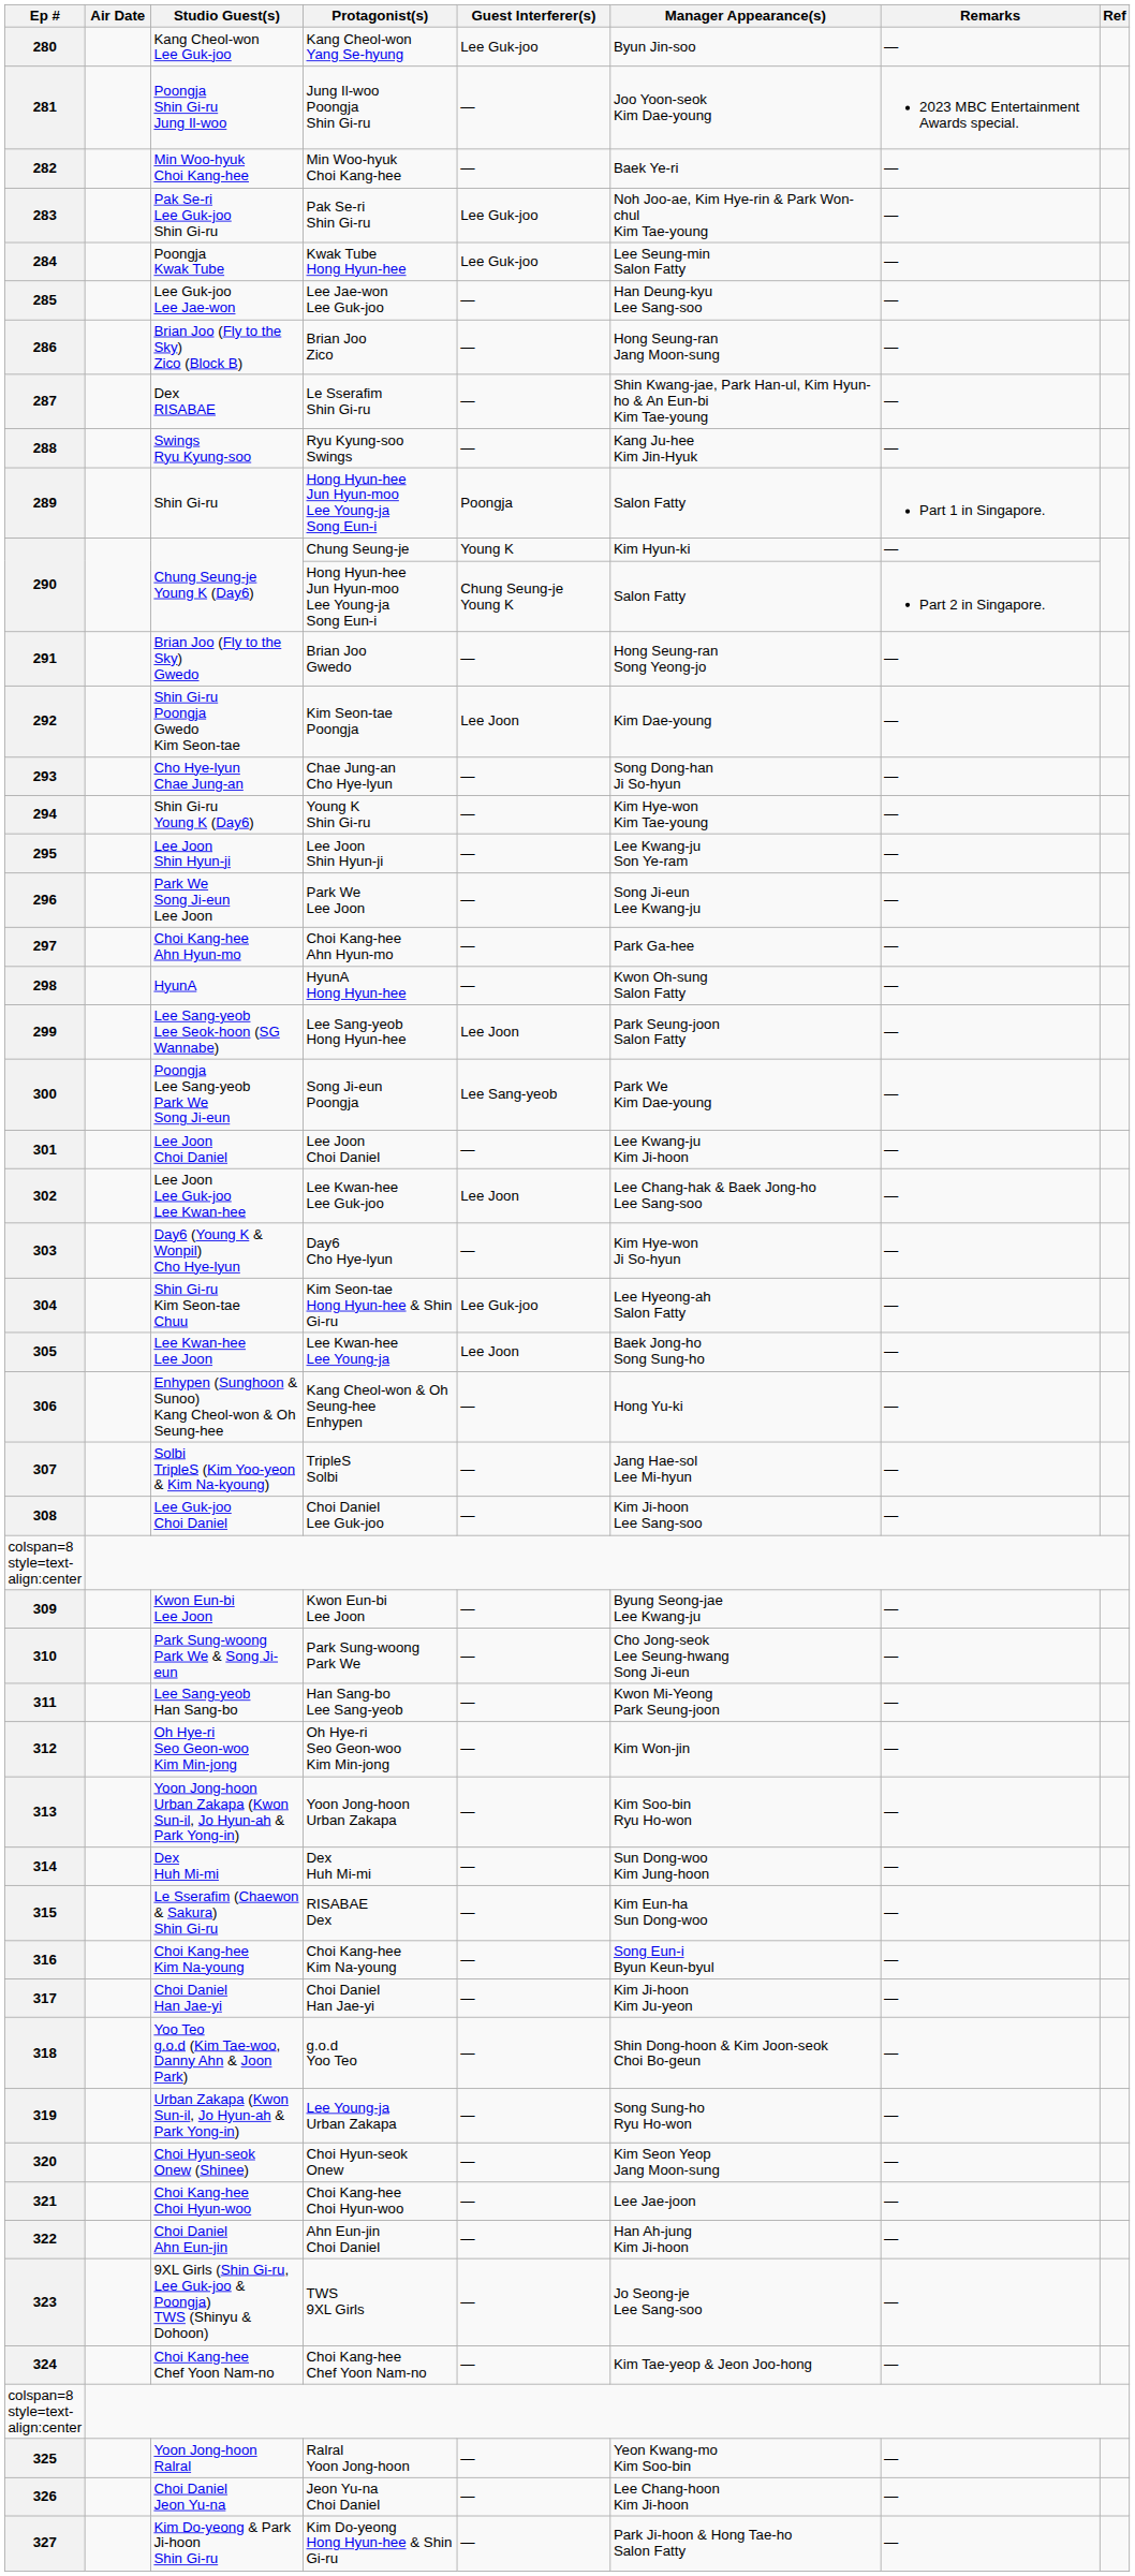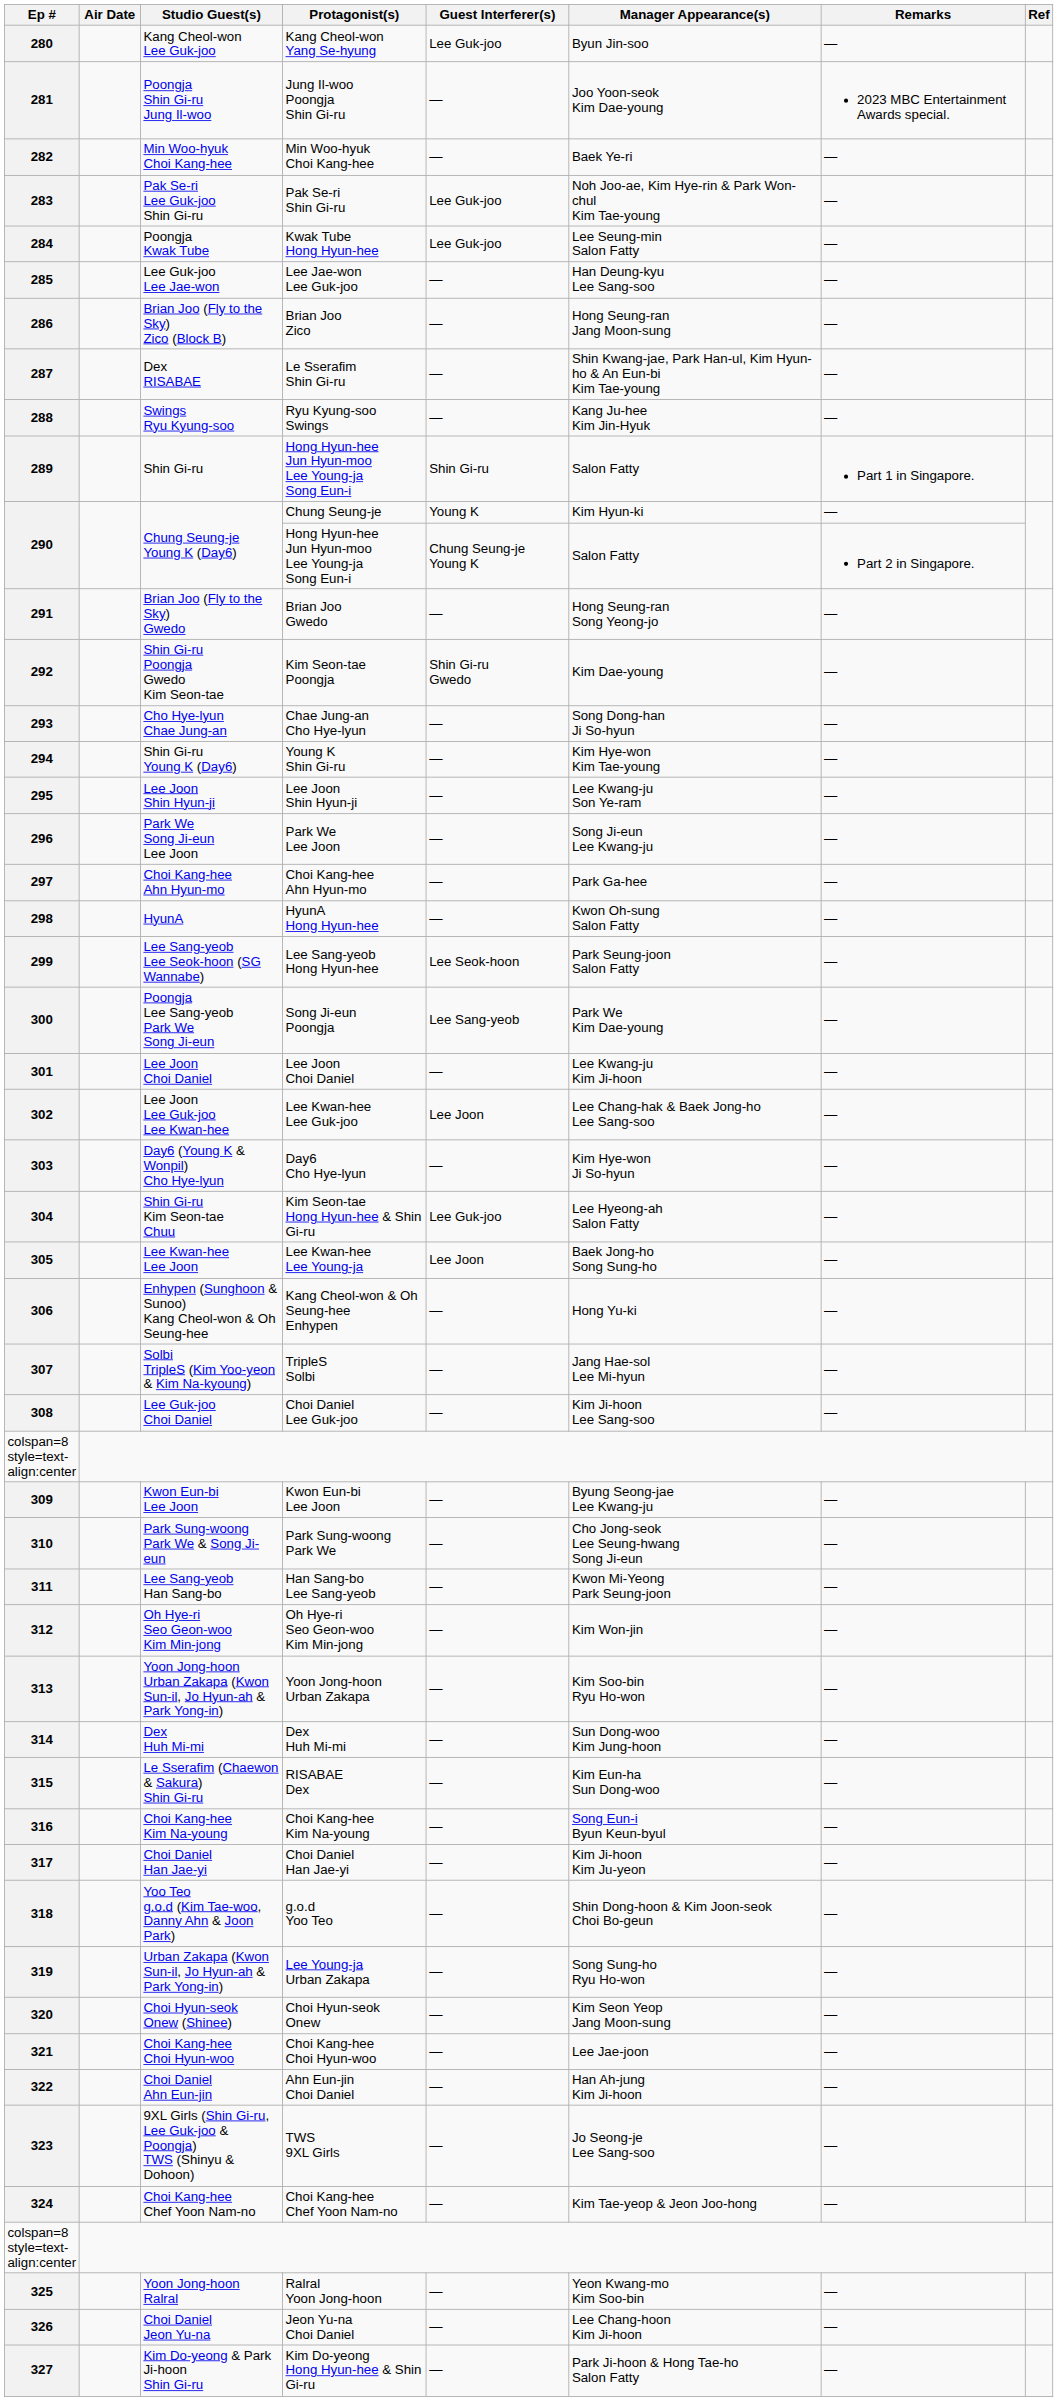 <table class="wikitable sticky-header" style="width:100%">
 <tr>
 <th width=5%>Ep #</th>
 <th width=6%>Air Date</th>
 <th width=14%>Studio Guest(s)</th>
 <th width=14%>Protagonist(s)</th>
 <th width=14%>Guest Interferer(s)</th>
 <th width=25%>Manager Appearance(s)</th>
 <th width=20%>Remarks</th>
 <th width=2%>Ref</th>
 </tr>
 <tr>
 <th>280</th>
 <td></td>
 <td>Kang Cheol-won<br><a href='#'>Lee Guk-joo</a></td>
 <td>Kang Cheol-won<br><a href='#'>Yang Se-hyung</a></td>
 <td>Lee Guk-joo</td>
 <td>Byun Jin-soo </td>
 <td>—</td>
 <td></td>
 </tr>
 <tr>
 <th>281</th>
 <td></td>
 <td><a href='#'>Poongja</a><br><a href='#'>Shin Gi-ru</a><br><a href='#'>Jung Il-woo</a></td>
 <td>Jung Il-woo<br>Poongja<br>Shin Gi-ru</td>
 <td>—</td>
 <td>Joo Yoon-seok <br>Kim Dae-young </td>
 <td><br><ul><li>2023 MBC Entertainment Awards special.</li></ul></td>
 <td></td>
 </tr>
 <tr>
 <th>282</th>
 <td></td>
 <td><a href='#'>Min Woo-hyuk</a><br><a href='#'>Choi Kang-hee</a></td>
 <td>Min Woo-hyuk<br>Choi Kang-hee</td>
 <td>—</td>
 <td>Baek Ye-ri </td>
 <td>—</td>
 <td></td>
 </tr>
 <tr>
 <th>283</th>
 <td></td>
 <td><a href='#'>Pak Se-ri</a><br><a href='#'>Lee Guk-joo</a><br>Shin Gi-ru</td>
 <td>Pak Se-ri<br>Shin Gi-ru</td>
 <td>Lee Guk-joo</td>
 <td>Noh Joo-ae, Kim Hye-rin & Park Won-chul <br>Kim Tae-young </td>
 <td>—</td>
 <td></td>
 </tr>
 <tr>
 <th>284</th>
 <td></td>
 <td>Poongja<br><a href='#'>Kwak Tube</a></td>
 <td>Kwak Tube<br><a href='#'>Hong Hyun-hee</a></td>
 <td>Lee Guk-joo</td>
 <td>Lee Seung-min <br>Salon Fatty </td>
 <td>—</td>
 <td></td>
 </tr>
 <tr>
 <th>285</th>
 <td></td>
 <td>Lee Guk-joo<br><a href='#'>Lee Jae-won</a></td>
 <td>Lee Jae-won<br>Lee Guk-joo</td>
 <td>—</td>
 <td>Han Deung-kyu <br>Lee Sang-soo </td>
 <td>—</td>
 <td></td>
 </tr>
 <tr>
 <th>286</th>
 <td></td>
 <td><a href='#'>Brian Joo</a> (<a href='#'>Fly to the Sky</a>)<br><a href='#'>Zico</a> (<a href='#'>Block B</a>)</td>
 <td>Brian Joo<br>Zico</td>
 <td>—</td>
 <td>Hong Seung-ran <br>Jang Moon-sung </td>
 <td>—</td>
 <td></td>
 </tr>
 <tr>
 <th>287</th>
 <td></td>
 <td>Dex<br><a href='#'>RISABAE</a></td>
 <td>Le Sserafim<br>Shin Gi-ru</td>
 <td>—</td>
 <td>Shin Kwang-jae, Park Han-ul, Kim Hyun-ho & An Eun-bi <br>Kim Tae-young </td>
 <td>—</td>
 <td></td>
 </tr>
 <tr>
 <th>288</th>
 <td></td>
 <td><a href='#'>Swings</a><br><a href='#'>Ryu Kyung-soo</a></td>
 <td>Ryu Kyung-soo<br>Swings</td>
 <td>—</td>
 <td>Kang Ju-hee <br>Kim Jin-Hyuk </td>
 <td>—</td>
 <td></td>
 </tr>
 <tr>
 <th>289</th>
 <td></td>
 <td>Shin Gi-ru</td>
 <td><a href='#'>Hong Hyun-hee</a><br><a href='#'>Jun Hyun-moo</a><br><a href='#'>Lee Young-ja</a><br><a href='#'>Song Eun-i</a></td>
-<td>Poongja</td>
+<td>Shin Gi-ru</td>
 <td>Salon Fatty </td>
 <td><br><ul><li>Part 1 in Singapore.</li></ul></td>
 <td></td>
 </tr>
 <tr>
 <th rowspan=2>290</th>
 <td rowspan=2></td>
 <td rowspan=2><a href='#'>Chung Seung-je</a><br><a href='#'>Young K</a> (<a href='#'>Day6</a>)</td>
 <td>Chung Seung-je</td>
 <td>Young K</td>
 <td>Kim Hyun-ki </td>
 <td>—</td>
 <td rowspan=2></td>
 </tr>
 <tr>
 <td>Hong Hyun-hee<br>Jun Hyun-moo<br>Lee Young-ja<br>Song Eun-i</td>
 <td>Chung Seung-je<br>Young K</td>
 <td>Salon Fatty </td>
 <td><br><ul><li>Part 2 in Singapore.</li></ul></td>
 </tr>
 <tr>
 <th>291</th>
 <td></td>
 <td><a href='#'>Brian Joo</a> (<a href='#'>Fly to the Sky</a>)<br><a href='#'>Gwedo</a></td>
 <td>Brian Joo<br>Gwedo</td>
 <td>—</td>
 <td>Hong Seung-ran <br>Song Yeong-jo </td>
 <td>—</td>
 <td></td>
 </tr>
 <tr>
 <th>292</th>
 <td></td>
 <td><a href='#'>Shin Gi-ru</a><br><a href='#'>Poongja</a><br>Gwedo<br>Kim Seon-tae</td>
 <td>Kim Seon-tae<br>Poongja</td>
-<td>Lee Joon</td>
+<td>Shin Gi-ru<br>Gwedo</td>
 <td>Kim Dae-young </td>
 <td>—</td>
 <td></td>
 </tr>
 <tr>
 <th>293</th>
 <td></td>
 <td><a href='#'>Cho Hye-lyun</a><br><a href='#'>Chae Jung-an</a></td>
 <td>Chae Jung-an<br>Cho Hye-lyun</td>
 <td>—</td>
 <td>Song Dong-han <br>Ji So-hyun </td>
 <td>—</td>
 <td></td>
 </tr>
 <tr>
 <th>294</th>
 <td></td>
 <td>Shin Gi-ru<br><a href='#'>Young K</a> (<a href='#'>Day6</a>)</td>
 <td>Young K<br>Shin Gi-ru</td>
 <td>—</td>
 <td>Kim Hye-won <br>Kim Tae-young </td>
 <td>—</td>
 <td></td>
 </tr>
 <tr>
 <th>295</th>
 <td></td>
 <td><a href='#'>Lee Joon</a><br><a href='#'>Shin Hyun-ji</a></td>
 <td>Lee Joon<br>Shin Hyun-ji</td>
 <td>—</td>
 <td>Lee Kwang-ju <br>Son Ye-ram </td>
 <td>—</td>
 <td></td>
 </tr>
 <tr>
 <th>296</th>
 <td></td>
 <td><a href='#'>Park We</a><br><a href='#'>Song Ji-eun</a><br>Lee Joon</td>
 <td>Park We<br>Lee Joon</td>
 <td>—</td>
 <td>Song Ji-eun <br>Lee Kwang-ju </td>
 <td>—</td>
 <td></td>
 </tr>
 <tr>
 <th>297</th>
 <td></td>
 <td><a href='#'>Choi Kang-hee</a><br><a href='#'>Ahn Hyun-mo</a></td>
 <td>Choi Kang-hee<br>Ahn Hyun-mo</td>
 <td>—</td>
 <td>Park Ga-hee </td>
 <td>—</td>
 <td></td>
 </tr>
 <tr>
 <th>298</th>
 <td></td>
 <td><a href='#'>HyunA</a></td>
 <td>HyunA<br><a href='#'>Hong Hyun-hee</a></td>
 <td>—</td>
 <td>Kwon Oh-sung <br>Salon Fatty </td>
 <td>—</td>
 <td></td>
 </tr>
 <tr>
 <th>299</th>
 <td></td>
 <td><a href='#'>Lee Sang-yeob</a><br><a href='#'>Lee Seok-hoon</a> (<a href='#'>SG Wannabe</a>)</td>
 <td>Lee Sang-yeob<br>Hong Hyun-hee</td>
-<td>Lee Joon</td>
+<td>Lee Seok-hoon</td>
 <td>Park Seung-joon <br>Salon Fatty </td>
 <td>—</td>
 <td></td>
 </tr>
 <tr>
 <th>300</th>
 <td></td>
 <td><a href='#'>Poongja</a><br>Lee Sang-yeob<br><a href='#'>Park We</a><br><a href='#'>Song Ji-eun</a></td>
 <td>Song Ji-eun<br>Poongja</td>
 <td>Lee Sang-yeob</td>
 <td>Park We <br>Kim Dae-young </td>
 <td>—</td>
 <td></td>
 </tr>
 <tr>
 <th>301</th>
 <td></td>
 <td><a href='#'>Lee Joon</a><br><a href='#'>Choi Daniel</a></td>
 <td>Lee Joon<br>Choi Daniel</td>
 <td>—</td>
 <td>Lee Kwang-ju <br>Kim Ji-hoon </td>
 <td>—</td>
 <td></td>
 </tr>
 <tr>
 <th>302</th>
 <td></td>
 <td>Lee Joon<br><a href='#'>Lee Guk-joo</a><br><a href='#'>Lee Kwan-hee</a></td>
 <td>Lee Kwan-hee<br>Lee Guk-joo</td>
 <td>Lee Joon</td>
 <td>Lee Chang-hak & Baek Jong-ho <br>Lee Sang-soo </td>
 <td>—</td>
 <td></td>
 </tr>
 <tr>
 <th>303</th>
 <td></td>
 <td><a href='#'>Day6</a> (<a href='#'>Young K</a> & <a href='#'>Wonpil</a>)<br><a href='#'>Cho Hye-lyun</a></td>
 <td>Day6<br>Cho Hye-lyun</td>
 <td>—</td>
 <td>Kim Hye-won <br>Ji So-hyun </td>
 <td>—</td>
 <td></td>
 </tr>
 <tr>
 <th>304</th>
 <td></td>
 <td><a href='#'>Shin Gi-ru</a><br>Kim Seon-tae<br><a href='#'>Chuu</a></td>
 <td>Kim Seon-tae<br><a href='#'>Hong Hyun-hee</a> & Shin Gi-ru</td>
 <td>Lee Guk-joo</td>
 <td>Lee Hyeong-ah <br>Salon Fatty </td>
 <td>—</td>
 <td></td>
 </tr>
 <tr>
 <th>305</th>
 <td></td>
 <td><a href='#'>Lee Kwan-hee</a><br><a href='#'>Lee Joon</a></td>
 <td>Lee Kwan-hee<br><a href='#'>Lee Young-ja</a></td>
 <td>Lee Joon</td>
 <td>Baek Jong-ho <br>Song Sung-ho </td>
 <td>—</td>
 <td></td>
 </tr>
 <tr>
 <th>306</th>
 <td></td>
 <td><a href='#'>Enhypen</a> (<a href='#'>Sunghoon</a> & Sunoo)<br>Kang Cheol-won & Oh Seung-hee</td>
 <td>Kang Cheol-won & Oh Seung-hee<br>Enhypen</td>
 <td>—</td>
 <td>Hong Yu-ki </td>
 <td>—</td>
 <td></td>
 </tr>
 <tr>
 <th>307</th>
 <td></td>
 <td><a href='#'>Solbi</a><br><a href='#'>TripleS</a> (<a href='#'>Kim Yoo-yeon</a> & <a href='#'>Kim Na-kyoung</a>)</td>
 <td>TripleS<br>Solbi</td>
 <td>—</td>
 <td>Jang Hae-sol <br>Lee Mi-hyun </td>
 <td>—</td>
 <td></td>
 </tr>
 <tr>
 <th>308</th>
 <td></td>
 <td><a href='#'>Lee Guk-joo</a><br><a href='#'>Choi Daniel</a></td>
 <td>Choi Daniel<br>Lee Guk-joo</td>
 <td>—</td>
 <td>Kim Ji-hoon <br>Lee Sang-soo </td>
 <td>—</td>
 <td></td>
 </tr>
 <tr>
 <td>colspan=8 style=text-align:center </td>
 </tr>
 <tr>
 <th>309</th>
 <td></td>
 <td><a href='#'>Kwon Eun-bi</a><br><a href='#'>Lee Joon</a></td>
 <td>Kwon Eun-bi<br>Lee Joon</td>
 <td>—</td>
 <td>Byung Seong-jae <br>Lee Kwang-ju </td>
 <td>—</td>
 <td></td>
 </tr>
 <tr>
 <th>310</th>
 <td></td>
 <td><a href='#'>Park Sung-woong</a><br><a href='#'>Park We</a> & <a href='#'>Song Ji-eun</a></td>
 <td>Park Sung-woong<br>Park We</td>
 <td>—</td>
 <td>Cho Jong-seok <br>Lee Seung-hwang <br>Song Ji-eun </td>
 <td>—</td>
 <td></td>
 </tr>
 <tr>
 <th>311</th>
 <td></td>
 <td><a href='#'>Lee Sang-yeob</a><br>Han Sang-bo</td>
 <td>Han Sang-bo<br>Lee Sang-yeob</td>
 <td>—</td>
 <td>Kwon Mi-Yeong <br>Park Seung-joon </td>
 <td>—</td>
 <td></td>
 </tr>
 <tr>
 <th>312</th>
 <td></td>
 <td><a href='#'>Oh Hye-ri</a><br><a href='#'>Seo Geon-woo</a><br><a href='#'>Kim Min-jong</a></td>
 <td>Oh Hye-ri<br>Seo Geon-woo<br>Kim Min-jong</td>
 <td>—</td>
 <td>Kim Won-jin </td>
 <td>—</td>
 <td></td>
 </tr>
 <tr>
 <th>313</th>
 <td></td>
 <td><a href='#'>Yoon Jong-hoon</a><br><a href='#'>Urban Zakapa</a> (<a href='#'>Kwon Sun-il</a>, <a href='#'>Jo Hyun-ah</a> & <a href='#'>Park Yong-in</a>)</td>
 <td>Yoon Jong-hoon<br>Urban Zakapa</td>
 <td>—</td>
 <td>Kim Soo-bin <br>Ryu Ho-won </td>
 <td>—</td>
 <td></td>
 </tr>
 <tr>
 <th>314</th>
 <td></td>
 <td><a href='#'>Dex</a><br><a href='#'>Huh Mi-mi</a></td>
 <td>Dex<br>Huh Mi-mi</td>
 <td>—</td>
 <td>Sun Dong-woo <br>Kim Jung-hoon </td>
 <td>—</td>
 <td></td>
 </tr>
 <tr>
 <th>315</th>
 <td></td>
 <td><a href='#'>Le Sserafim</a> (<a href='#'>Chaewon</a> & <a href='#'>Sakura</a>)<br><a href='#'>Shin Gi-ru</a></td>
 <td>RISABAE<br>Dex</td>
 <td>—</td>
 <td>Kim Eun-ha <br>Sun Dong-woo </td>
 <td>—</td>
 <td></td>
 </tr>
 <tr>
 <th>316</th>
 <td></td>
 <td><a href='#'>Choi Kang-hee</a><br><a href='#'>Kim Na-young</a></td>
 <td>Choi Kang-hee<br>Kim Na-young</td>
 <td>—</td>
 <td><a href='#'>Song Eun-i</a> <br>Byun Keun-byul </td>
 <td>—</td>
 <td></td>
 </tr>
 <tr>
 <th>317</th>
 <td></td>
 <td><a href='#'>Choi Daniel</a><br><a href='#'>Han Jae-yi</a></td>
 <td>Choi Daniel<br>Han Jae-yi</td>
 <td>—</td>
 <td>Kim Ji-hoon <br>Kim Ju-yeon </td>
 <td>—</td>
 <td></td>
 </tr>
 <tr>
 <th>318</th>
 <td></td>
 <td><a href='#'>Yoo Teo</a><br><a href='#'>g.o.d</a> (<a href='#'>Kim Tae-woo</a>, <a href='#'>Danny Ahn</a> & <a href='#'>Joon Park</a>)</td>
 <td>g.o.d<br>Yoo Teo</td>
 <td>—</td>
 <td>Shin Dong-hoon & Kim Joon-seok <br>Choi Bo-geun </td>
 <td>—</td>
 <td></td>
 </tr>
 <tr>
 <th>319</th>
 <td></td>
 <td><a href='#'>Urban Zakapa</a> (<a href='#'>Kwon Sun-il</a>, <a href='#'>Jo Hyun-ah</a> & <a href='#'>Park Yong-in</a>)</td>
 <td><a href='#'>Lee Young-ja</a><br>Urban Zakapa</td>
 <td>—</td>
 <td>Song Sung-ho <br>Ryu Ho-won </td>
 <td>—</td>
 <td></td>
 </tr>
 <tr>
 <th>320</th>
 <td></td>
 <td><a href='#'>Choi Hyun-seok</a><br><a href='#'>Onew</a> (<a href='#'>Shinee</a>)</td>
 <td>Choi Hyun-seok<br>Onew</td>
 <td>—</td>
 <td>Kim Seon Yeop <br>Jang Moon-sung </td>
 <td>—</td>
 <td></td>
 </tr>
 <tr>
 <th>321</th>
 <td></td>
 <td><a href='#'>Choi Kang-hee</a><br><a href='#'>Choi Hyun-woo</a></td>
 <td>Choi Kang-hee<br>Choi Hyun-woo</td>
 <td>—</td>
 <td>Lee Jae-joon </td>
 <td>—</td>
 <td></td>
 </tr>
 <tr>
 <th>322</th>
 <td></td>
 <td><a href='#'>Choi Daniel</a><br><a href='#'>Ahn Eun-jin</a></td>
 <td>Ahn Eun-jin<br>Choi Daniel</td>
 <td>—</td>
 <td>Han Ah-jung <br>Kim Ji-hoon </td>
 <td>—</td>
 <td></td>
 </tr>
 <tr>
 <th>323</th>
 <td></td>
 <td>9XL Girls (<a href='#'>Shin Gi-ru</a>, <a href='#'>Lee Guk-joo</a> & <a href='#'>Poongja</a>)<br><a href='#'>TWS</a> (Shinyu & Dohoon)</td>
 <td>TWS<br>9XL Girls</td>
 <td>—</td>
 <td>Jo Seong-je <br>Lee Sang-soo </td>
 <td>—</td>
 <td></td>
 </tr>
 <tr>
 <th>324</th>
 <td></td>
 <td><a href='#'>Choi Kang-hee</a><br>Chef Yoon Nam-no</td>
 <td>Choi Kang-hee<br>Chef Yoon Nam-no</td>
 <td>—</td>
 <td>Kim Tae-yeop & Jeon Joo-hong </td>
 <td>—</td>
 <td></td>
 </tr>
 <tr>
 <td>colspan=8 style=text-align:center </td>
 </tr>
 <tr>
 <th>325</th>
 <td></td>
 <td><a href='#'>Yoon Jong-hoon</a><br><a href='#'>Ralral</a></td>
 <td>Ralral<br>Yoon Jong-hoon</td>
 <td>—</td>
 <td>Yeon Kwang-mo <br>Kim Soo-bin </td>
 <td>—</td>
 <td></td>
 </tr>
 <tr>
 <th>326</th>
 <td></td>
 <td><a href='#'>Choi Daniel</a><br><a href='#'>Jeon Yu-na</a></td>
 <td>Jeon Yu-na<br>Choi Daniel</td>
 <td>—</td>
 <td>Lee Chang-hoon <br>Kim Ji-hoon </td>
 <td>—</td>
 <td></td>
 </tr>
 <tr>
 <th>327</th>
 <td></td>
 <td><a href='#'>Kim Do-yeong</a> & Park Ji-hoon<br><a href='#'>Shin Gi-ru</a></td>
 <td>Kim Do-yeong<br><a href='#'>Hong Hyun-hee</a> & Shin Gi-ru</td>
 <td>—</td>
 <td>Park Ji-hoon  & Hong Tae-ho <br>Salon Fatty </td>
 <td>—</td>
 <td></td>
 </tr>
 </table>
